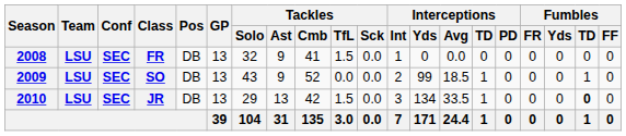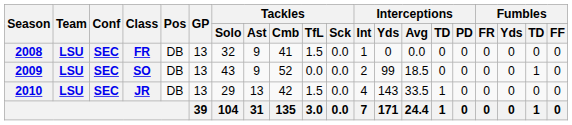 <table class="wikitable" style="text-align: center;">
 <tr>
 <th rowspan="2">Season</th>
 <th rowspan="2">Team</th>
 <th rowspan="2">Conf</th>
 <th rowspan="2">Class</th>
 <th rowspan="2">Pos</th>
 <th rowspan="2">GP</th>
 <th colspan="5">Tackles</th>
 <th colspan="5">Interceptions</th>
 <th colspan="4">Fumbles</th>
 </tr>
 <tr>
 <th>Solo</th>
 <th>Ast</th>
 <th>Cmb</th>
 <th>TfL</th>
 <th>Sck</th>
 <th>Int</th>
 <th>Yds</th>
 <th>Avg</th>
 <th>TD</th>
 <th>PD</th>
 <th>FR</th>
 <th>Yds</th>
 <th>TD</th>
 <th>FF</th>
 </tr>
 <tr>
 <th><a href='#'>2008</a></th>
 <th><a href='#'>LSU</a></th>
 <th><a href='#'>SEC</a></th>
 <th><a href='#'>FR</a></th>
 <td>DB</td>
 <td>13</td>
 <td>32</td>
 <td>9</td>
 <td>41</td>
 <td>1.5</td>
 <td>0.0</td>
 <td>1</td>
 <td>0</td>
 <td>0.0</td>
 <td>0</td>
 <td>0</td>
 <td>0</td>
 <td>0</td>
 <td>0</td>
 <td>0</td>
 </tr>
 <tr>
 <th><a href='#'>2009</a></th>
 <th><a href='#'>LSU</a></th>
 <th><a href='#'>SEC</a></th>
 <th><a href='#'>SO</a></th>
 <td>DB</td>
 <td>13</td>
 <td>43</td>
 <td>9</td>
 <td>52</td>
 <td>0.0</td>
 <td>0.0</td>
 <td>2</td>
 <td>99</td>
 <td>18.5</td>
-<td>1</td>
+<td>0</td>
 <td>0</td>
 <td>0</td>
 <td>0</td>
 <td>1</td>
 <td>0</td>
 </tr>
 <tr>
 <th><a href='#'>2010</a></th>
 <th><a href='#'>LSU</a></th>
 <th><a href='#'>SEC</a></th>
 <th><a href='#'>JR</a></th>
 <td>DB</td>
 <td>13</td>
 <td>29</td>
 <td>13</td>
 <td>42</td>
 <td>1.5</td>
 <td>0.0</td>
-<td>3</td>
-<td>134</td>
+<td>4</td>
+<td>143</td>
 <td>33.5</td>
 <td>1</td>
 <td>0</td>
 <td>0</td>
 <td>0</td>
-<td><strong>0</strong></td>
+<td>0</td>
 <td>0</td>
 </tr>
 <tr>
 <th colspan="5"></th>
 <th>39</th>
 <th>104</th>
 <th>31</th>
 <th>135</th>
 <th>3.0</th>
 <th>0.0</th>
 <th>7</th>
 <th>171</th>
 <th>24.4</th>
 <th>1</th>
 <th>0</th>
 <th>0</th>
 <th>0</th>
 <th>1</th>
 <th>0</th>
 </tr>
 </table>
